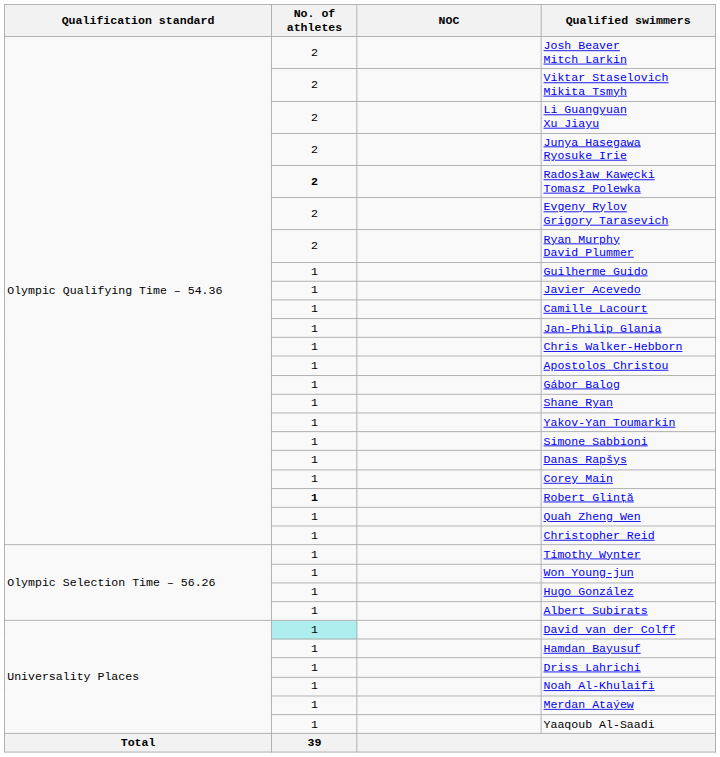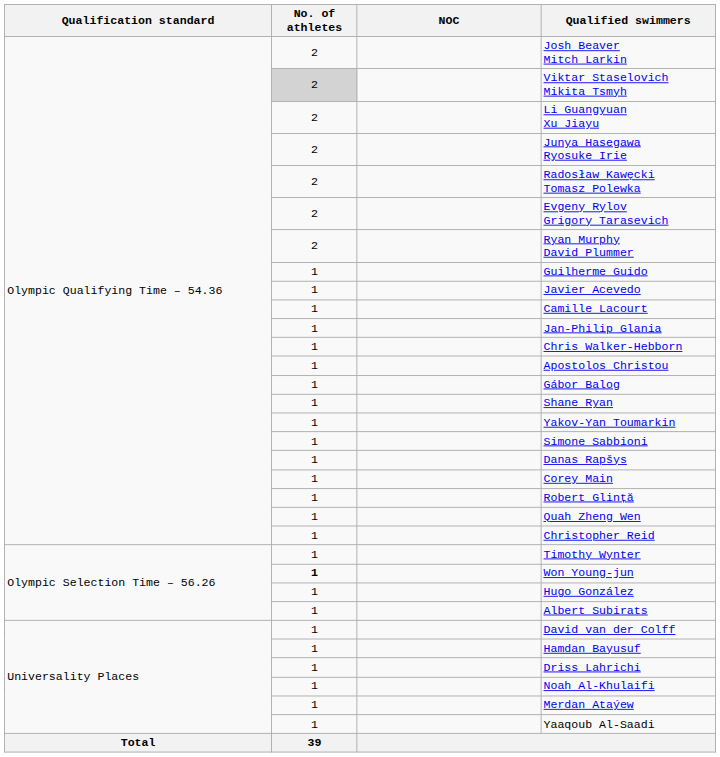 <table class=wikitable style="text-align:left" width=800>
 <tr>
 <th>Qualification standard</th>
 <th width=90>No. of athletes</th>
 <th width=200>NOC</th>
 <th>Qualified swimmers</th>
 </tr>
 <tr>
 <td rowspan=22>Olympic Qualifying Time – 54.36</td>
 <td align=center>2</td>
 <td></td>
 <td><a href='#'>Josh Beaver</a><br><a href='#'>Mitch Larkin</a></td>
 </tr>
 <tr>
-<td align=center>2</td>
+<td align=center style="background: lightgrey;">2</td>
 <td></td>
 <td><a href='#'>Viktar Staselovich</a><br><a href='#'>Mikita Tsmyh</a></td>
 </tr>
 <tr>
 <td align=center>2</td>
 <td></td>
 <td><a href='#'>Li Guangyuan</a><br><a href='#'>Xu Jiayu</a></td>
 </tr>
 <tr>
 <td align=center>2</td>
 <td></td>
 <td><a href='#'>Junya Hasegawa</a><br><a href='#'>Ryosuke Irie</a></td>
 </tr>
 <tr>
-<td align=center><strong>2</strong></td>
+<td align=center>2</td>
 <td></td>
 <td><a href='#'>Radosław Kawęcki</a><br><a href='#'>Tomasz Polewka</a></td>
 </tr>
 <tr>
 <td align=center>2</td>
 <td></td>
 <td><a href='#'>Evgeny Rylov</a><br><a href='#'>Grigory Tarasevich</a></td>
 </tr>
 <tr>
 <td align=center>2</td>
 <td></td>
 <td><a href='#'>Ryan Murphy</a><br><a href='#'>David Plummer</a></td>
 </tr>
 <tr>
 <td align=center>1</td>
 <td></td>
 <td><a href='#'>Guilherme Guido</a></td>
 </tr>
 <tr>
 <td align=center>1</td>
 <td></td>
 <td><a href='#'>Javier Acevedo</a></td>
 </tr>
 <tr>
 <td align=center>1</td>
 <td></td>
 <td><a href='#'>Camille Lacourt</a></td>
 </tr>
 <tr>
 <td align=center>1</td>
 <td></td>
 <td><a href='#'>Jan-Philip Glania</a></td>
 </tr>
 <tr>
 <td align=center>1</td>
 <td></td>
 <td><a href='#'>Chris Walker-Hebborn</a></td>
 </tr>
 <tr>
 <td align=center>1</td>
 <td></td>
 <td><a href='#'>Apostolos Christou</a></td>
 </tr>
 <tr>
 <td align=center>1</td>
 <td></td>
 <td><a href='#'>Gábor Balog</a></td>
 </tr>
 <tr>
 <td align=center>1</td>
 <td></td>
 <td><a href='#'>Shane Ryan</a></td>
 </tr>
 <tr>
 <td align=center>1</td>
 <td></td>
 <td><a href='#'>Yakov-Yan Toumarkin</a></td>
 </tr>
 <tr>
 <td align=center>1</td>
 <td></td>
 <td><a href='#'>Simone Sabbioni</a></td>
 </tr>
 <tr>
 <td align=center>1</td>
 <td></td>
 <td><a href='#'>Danas Rapšys</a></td>
 </tr>
 <tr>
 <td align=center>1</td>
 <td></td>
 <td><a href='#'>Corey Main</a></td>
 </tr>
 <tr>
-<td align=center><strong>1</strong></td>
+<td align=center>1</td>
 <td></td>
 <td><a href='#'>Robert Glință</a></td>
 </tr>
 <tr>
 <td align=center>1</td>
 <td></td>
 <td><a href='#'>Quah Zheng Wen</a></td>
 </tr>
 <tr>
 <td align=center>1</td>
 <td></td>
 <td><a href='#'>Christopher Reid</a></td>
 </tr>
 <tr>
 <td rowspan=4>Olympic Selection Time – 56.26</td>
 <td align=center>1</td>
 <td></td>
 <td><a href='#'>Timothy Wynter</a></td>
 </tr>
 <tr>
-<td align=center>1</td>
+<td align=center><strong>1</strong></td>
 <td></td>
 <td><a href='#'>Won Young-jun</a></td>
 </tr>
 <tr>
 <td align=center>1</td>
 <td></td>
 <td><a href='#'>Hugo González</a></td>
 </tr>
 <tr>
 <td align=center>1</td>
 <td></td>
 <td><a href='#'>Albert Subirats</a></td>
 </tr>
 <tr>
 <td rowspan=6>Universality Places</td>
-<td align=center style="background: paleturquoise;">1</td>
+<td align=center>1</td>
 <td></td>
 <td><a href='#'>David van der Colff</a></td>
 </tr>
 <tr>
 <td align=center>1</td>
 <td></td>
 <td><a href='#'>Hamdan Bayusuf</a></td>
 </tr>
 <tr>
 <td align=center>1</td>
 <td></td>
 <td><a href='#'>Driss Lahrichi</a></td>
 </tr>
 <tr>
 <td align=center>1</td>
 <td></td>
 <td><a href='#'>Noah Al-Khulaifi</a></td>
 </tr>
 <tr>
 <td align=center>1</td>
 <td></td>
 <td><a href='#'>Merdan Ataýew</a></td>
 </tr>
 <tr>
 <td align=center>1</td>
 <td></td>
 <td>Yaaqoub Al-Saadi</td>
 </tr>
 <tr>
 <th><strong>Total</strong></th>
 <th>39</th>
 <th colspan=2></th>
 </tr>
 </table>
